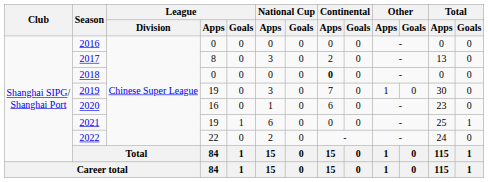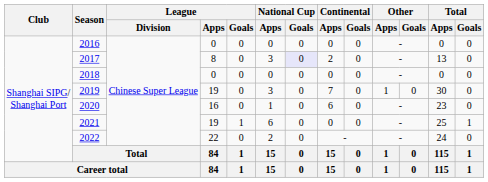 <table class="wikitable" style="text-align: center">
 <tr>
 <th rowspan="2">Club</th>
 <th rowspan="2">Season</th>
 <th colspan="3">League</th>
 <th colspan="2">National Cup</th>
 <th colspan="2">Continental</th>
 <th colspan="2">Other</th>
 <th colspan="2">Total</th>
 </tr>
 <tr>
 <th>Division</th>
 <th>Apps</th>
 <th>Goals</th>
 <th>Apps</th>
 <th>Goals</th>
 <th>Apps</th>
 <th>Goals</th>
 <th>Apps</th>
 <th>Goals</th>
 <th>Apps</th>
 <th>Goals</th>
 </tr>
 <tr>
 <td rowspan="8"><a href='#'>Shanghai SIPG</a>/<br><a href='#'>Shanghai Port</a></td>
 <td><a href='#'>2016</a></td>
 <td rowspan="7"><a href='#'>Chinese Super League</a></td>
 <td>0</td>
 <td>0</td>
 <td>0</td>
 <td>0</td>
 <td>0</td>
 <td>0</td>
 <td colspan="2">-</td>
 <td>0</td>
 <td>0</td>
 </tr>
 <tr>
 <td><a href='#'>2017</a></td>
 <td>8</td>
 <td>0</td>
 <td>3</td>
-<td>0</td>
+<td style="background: lavender;">0</td>
 <td>2</td>
 <td>0</td>
 <td colspan="2">-</td>
 <td>13</td>
 <td>0</td>
 </tr>
 <tr>
 <td><a href='#'>2018</a></td>
 <td>0</td>
 <td>0</td>
 <td>0</td>
 <td>0</td>
-<td><strong>0</strong></td>
+<td>0</td>
 <td>0</td>
 <td colspan="2">-</td>
 <td>0</td>
 <td>0</td>
 </tr>
 <tr>
 <td><a href='#'>2019</a></td>
 <td>19</td>
 <td>0</td>
 <td>3</td>
 <td>0</td>
 <td>7</td>
 <td>0</td>
 <td>1</td>
 <td>0</td>
 <td>30</td>
 <td>0</td>
 </tr>
 <tr>
 <td><a href='#'>2020</a></td>
 <td>16</td>
 <td>0</td>
 <td>1</td>
 <td>0</td>
 <td>6</td>
 <td>0</td>
 <td colspan="2">-</td>
 <td>23</td>
 <td>0</td>
 </tr>
 <tr>
 <td><a href='#'>2021</a></td>
 <td>19</td>
 <td>1</td>
 <td>6</td>
 <td>0</td>
 <td>0</td>
 <td>0</td>
 <td colspan="2">-</td>
 <td>25</td>
 <td>1</td>
 </tr>
 <tr>
 <td><a href='#'>2022</a></td>
 <td>22</td>
 <td>0</td>
 <td>2</td>
 <td>0</td>
 <td colspan="2">-</td>
 <td colspan="2">-</td>
 <td>24</td>
 <td>0</td>
 </tr>
 <tr>
 <th colspan="2">Total</th>
 <th>84</th>
 <th>1</th>
 <th>15</th>
 <th>0</th>
 <th>15</th>
 <th>0</th>
 <th>1</th>
 <th>0</th>
 <th>115</th>
 <th>1</th>
 </tr>
 <tr>
 <th colspan="3">Career total</th>
 <th>84</th>
 <th>1</th>
 <th>15</th>
 <th>0</th>
 <th>15</th>
 <th>0</th>
 <th>1</th>
 <th>0</th>
 <th>115</th>
 <th>1</th>
 </tr>
 </table>
